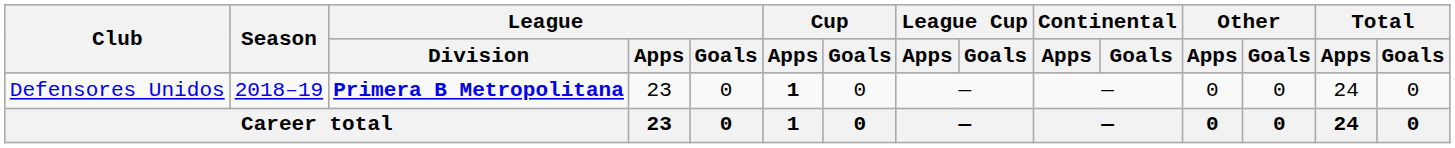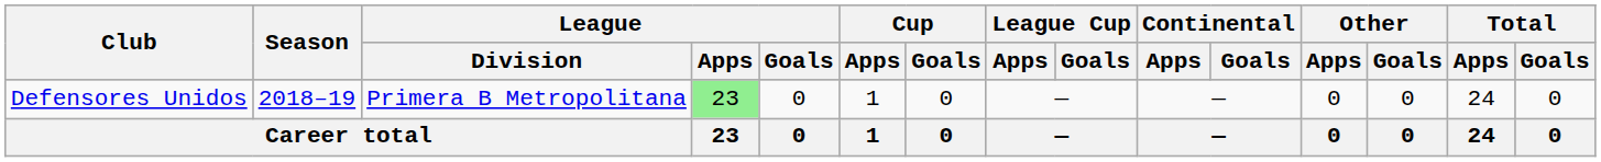 <table class="wikitable" style="text-align:center">
 <tr>
 <th rowspan="2">Club</th>
 <th rowspan="2">Season</th>
 <th colspan="3">League</th>
 <th colspan="2">Cup</th>
 <th colspan="2">League Cup</th>
 <th colspan="2">Continental</th>
 <th colspan="2">Other</th>
 <th colspan="2">Total</th>
 </tr>
 <tr>
 <th>Division</th>
 <th>Apps</th>
 <th>Goals</th>
 <th>Apps</th>
 <th>Goals</th>
 <th>Apps</th>
 <th>Goals</th>
 <th>Apps</th>
 <th>Goals</th>
 <th>Apps</th>
 <th>Goals</th>
 <th>Apps</th>
 <th>Goals</th>
 </tr>
 <tr>
 <td rowspan="1"><a href='#'>Defensores Unidos</a></td>
 <td><a href='#'>2018–19</a></td>
-<td rowspan="1"><strong><a href='#'>Primera B Metropolitana</a></strong></td>
-<td>23</td>
+<td rowspan="1"><a href='#'>Primera B Metropolitana</a></td>
+<td style="background: lightgreen;">23</td>
 <td>0</td>
-<td><strong>1</strong></td>
+<td>1</td>
 <td>0</td>
 <td colspan="2">—</td>
 <td colspan="2">—</td>
 <td>0</td>
 <td>0</td>
 <td>24</td>
 <td>0</td>
 </tr>
 <tr>
 <th colspan="3">Career total</th>
 <th>23</th>
 <th>0</th>
 <th>1</th>
 <th>0</th>
 <th colspan="2">—</th>
 <th colspan="2">—</th>
 <th>0</th>
 <th>0</th>
 <th>24</th>
 <th>0</th>
 </tr>
 </table>
